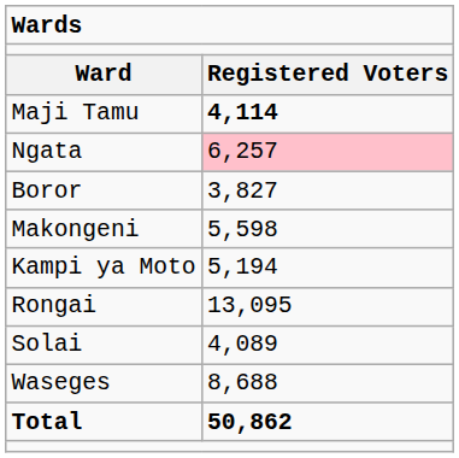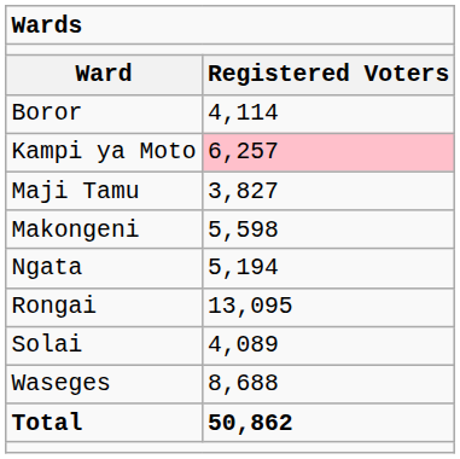 <table class="wikitable">
 <tr>
 <td colspan="2"><strong>Wards</strong></td>
 </tr>
 <tr>
 <td colspan="2"></td>
 </tr>
 <tr>
 <th>Ward</th>
 <th>Registered Voters</th>
 </tr>
 <tr>
-<td>Maji Tamu</td>
-<td><strong>4,114</strong></td>
+<td>Boror</td>
+<td>4,114</td>
 </tr>
 <tr>
-<td>Ngata</td>
+<td>Kampi ya Moto</td>
 <td style="background: pink;">6,257</td>
 </tr>
 <tr>
-<td>Boror</td>
+<td>Maji Tamu</td>
 <td>3,827</td>
 </tr>
 <tr>
 <td>Makongeni</td>
 <td>5,598</td>
 </tr>
 <tr>
-<td>Kampi ya Moto</td>
+<td>Ngata</td>
 <td>5,194</td>
 </tr>
 <tr>
 <td>Rongai</td>
 <td>13,095</td>
 </tr>
 <tr>
 <td>Solai</td>
 <td>4,089</td>
 </tr>
 <tr>
 <td>Waseges</td>
 <td>8,688</td>
 </tr>
 <tr>
 <td><strong>Total</strong></td>
 <td><strong>50,862</strong></td>
 </tr>
 <tr>
 <td colspan="2"></td>
 </tr>
 </table>
